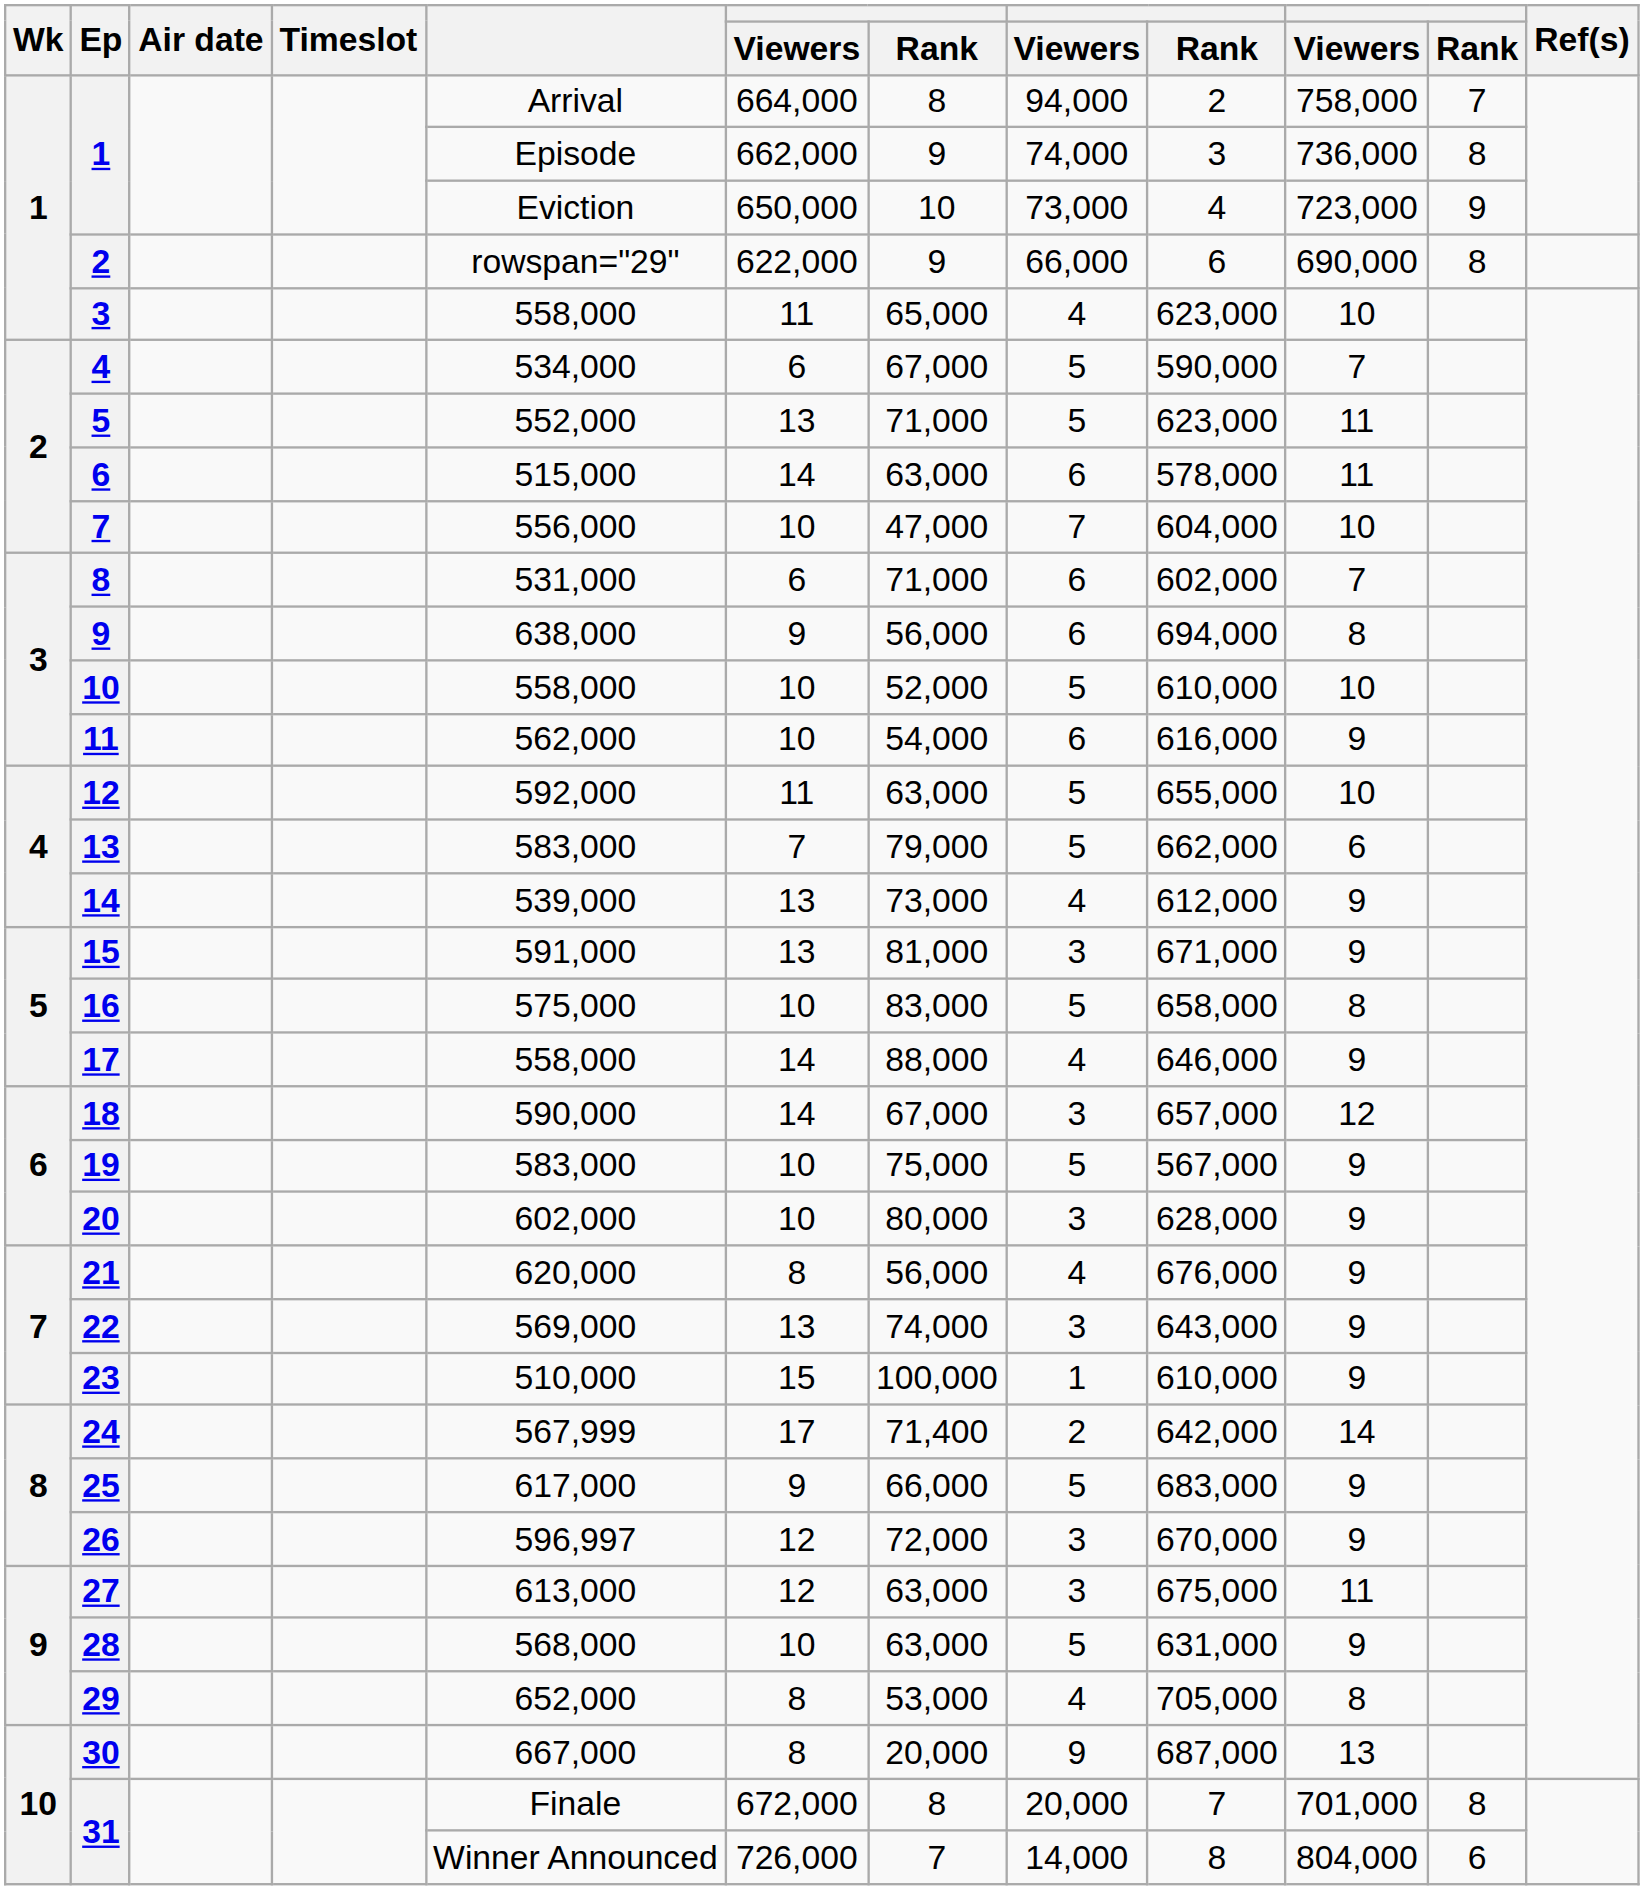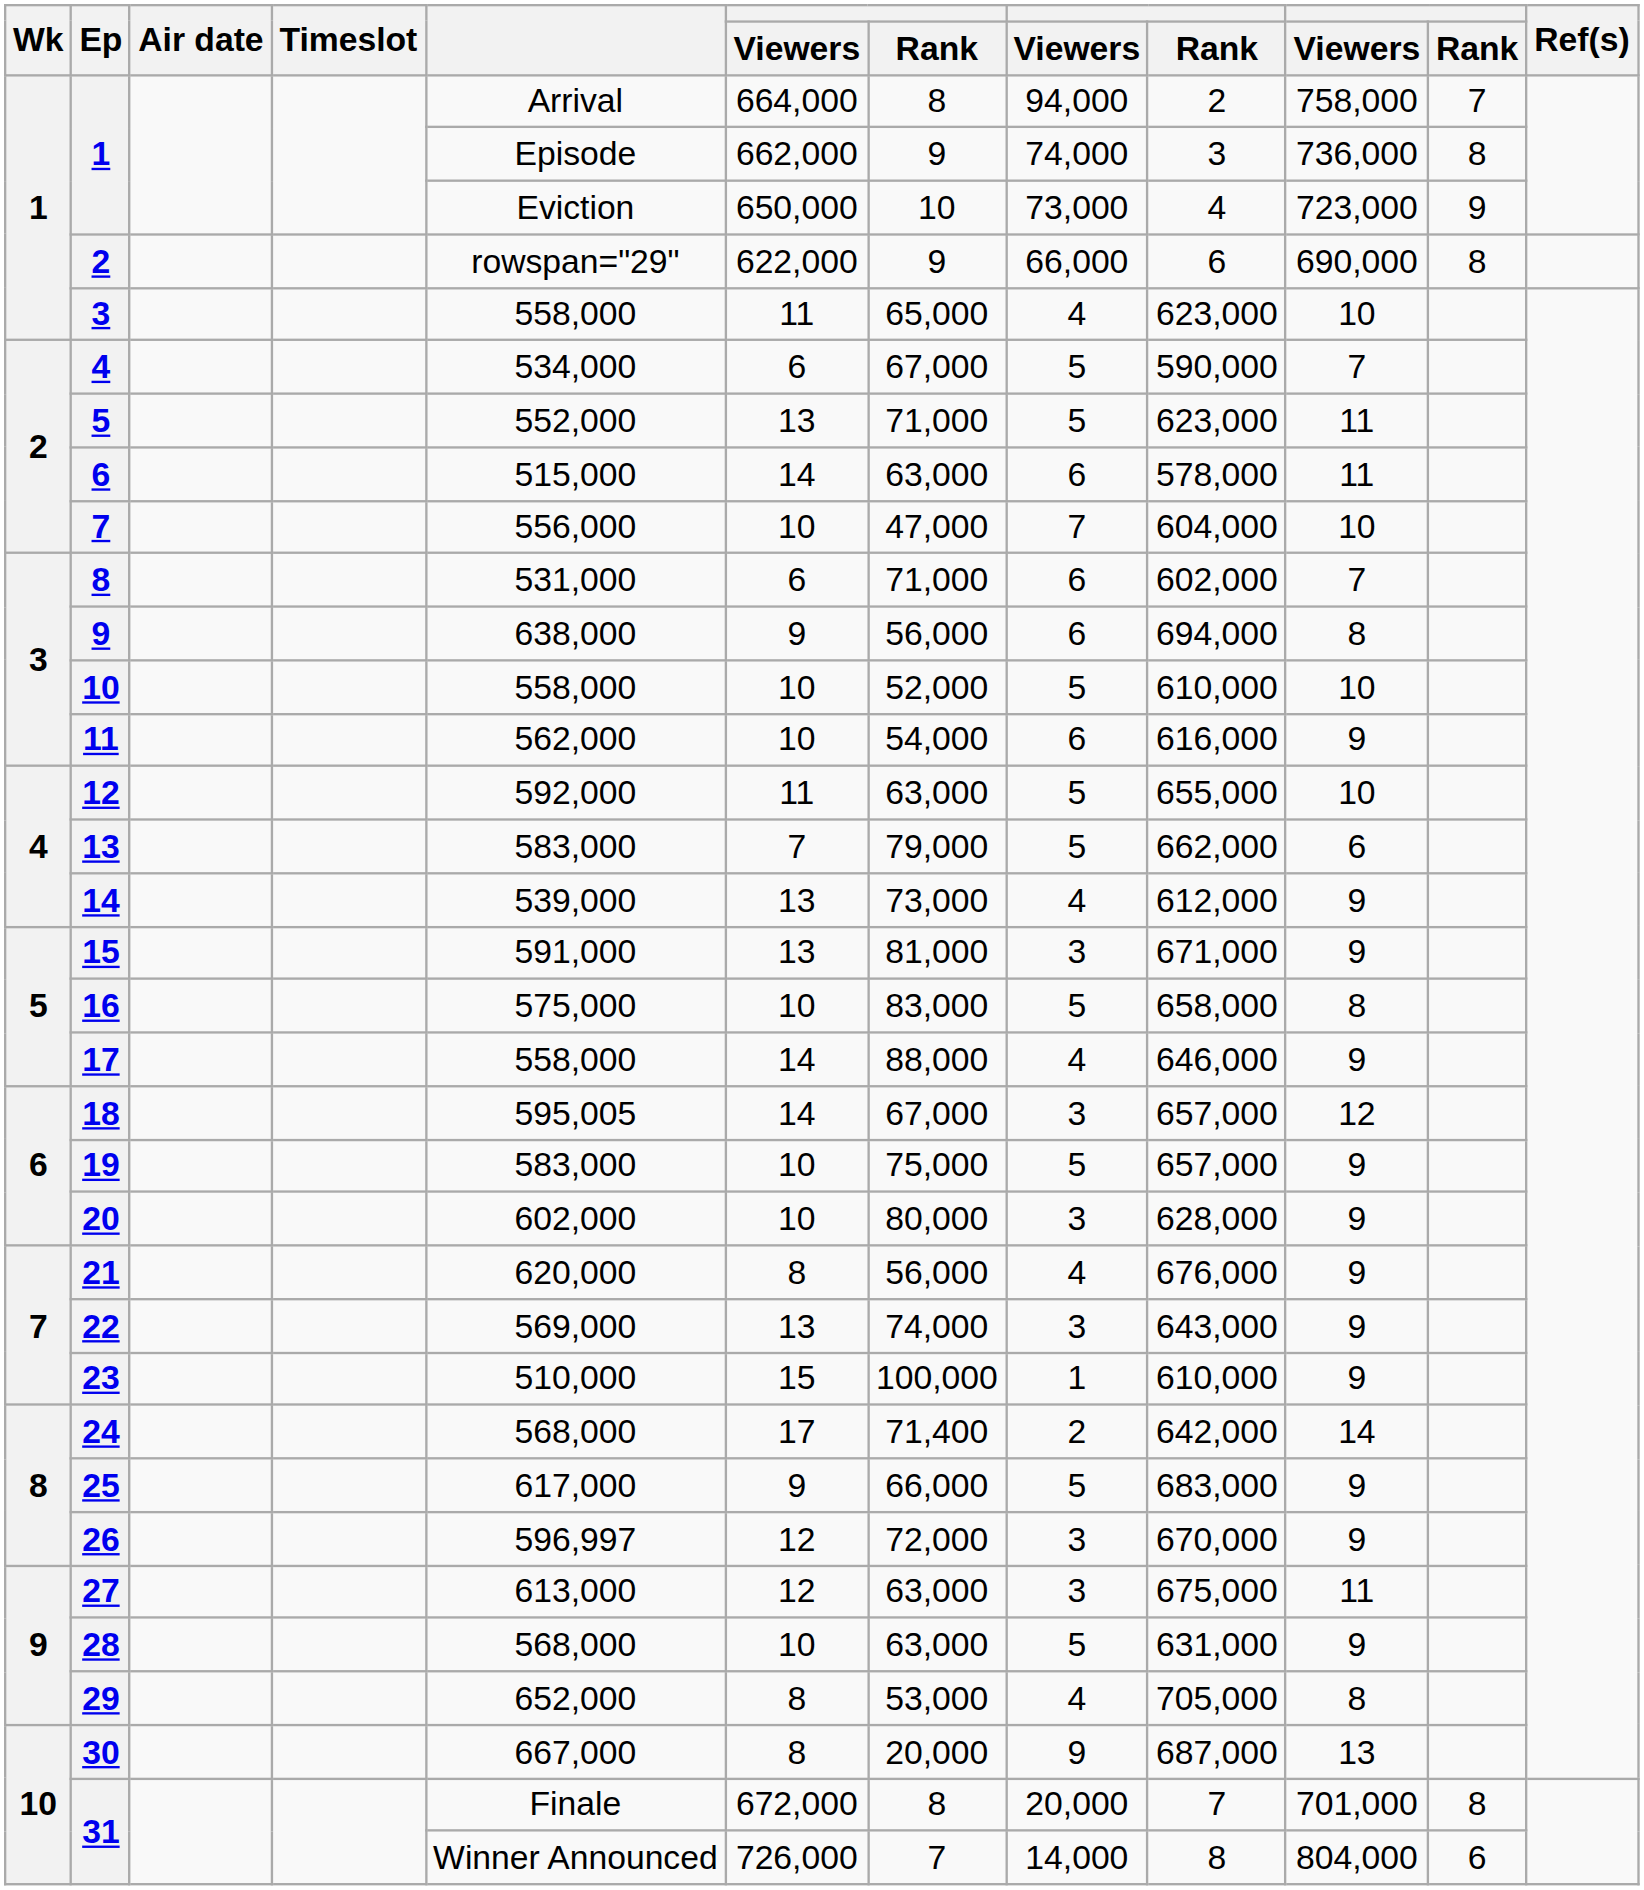 <table class="wikitable nowrap" style="text-align:center; font-size:90%; line-height:16px;">
 <tr>
 <th rowspan="2">Wk</th>
 <th rowspan="2">Ep</th>
 <th rowspan="2" class="unsortable">Air date</th>
 <th rowspan="2" class="unsortable">Timeslot</th>
 <th rowspan="2" class="unsortable"></th>
 <th colspan="2"></th>
 <th colspan="2"></th>
 <th colspan="2"></th>
 <th rowspan="2">Ref(s)</th>
 </tr>
 <tr>
 <th>Viewers</th>
 <th>Rank</th>
 <th>Viewers</th>
 <th>Rank</th>
 <th>Viewers</th>
 <th>Rank</th>
 </tr>
 <tr>
 <th rowspan="5">1</th>
 <th rowspan=3><a href='#'>1</a></th>
 <td rowspan=3 style="text-align:left"></td>
 <td rowspan=3 style="text-align:left"></td>
 <td>Arrival</td>
 <td>664,000</td>
 <td>8</td>
 <td>94,000</td>
 <td>2</td>
 <td>758,000</td>
 <td>7</td>
 <td rowspan=3></td>
 </tr>
 <tr>
 <td>Episode</td>
 <td>662,000</td>
 <td>9</td>
 <td>74,000</td>
 <td>3</td>
 <td>736,000</td>
 <td>8</td>
 </tr>
 <tr>
 <td>Eviction</td>
 <td>650,000</td>
 <td>10</td>
 <td>73,000</td>
 <td>4</td>
 <td>723,000</td>
 <td>9</td>
 </tr>
 <tr>
 <th><a href='#'>2</a></th>
 <td style="text-align:left"></td>
 <td style="text-align:left"></td>
 <td>rowspan="29" </td>
 <td>622,000</td>
 <td>9</td>
 <td>66,000</td>
 <td>6</td>
 <td>690,000</td>
 <td>8</td>
 <td></td>
 </tr>
 <tr>
 <th><a href='#'>3</a></th>
 <td style="text-align:left"></td>
 <td style="text-align:left"></td>
 <td>558,000</td>
 <td>11</td>
 <td>65,000</td>
 <td>4</td>
 <td>623,000</td>
 <td>10</td>
 <td></td>
 </tr>
 <tr>
 <th rowspan="4">2</th>
 <th><a href='#'>4</a></th>
 <td style="text-align:left"></td>
 <td style="text-align:left"></td>
 <td>534,000</td>
 <td>6</td>
 <td>67,000</td>
 <td>5</td>
 <td>590,000</td>
 <td>7</td>
 <td></td>
 </tr>
 <tr>
 <th><a href='#'>5</a></th>
 <td style="text-align:left"></td>
 <td style="text-align:left"></td>
 <td>552,000</td>
 <td>13</td>
 <td>71,000</td>
 <td>5</td>
 <td>623,000</td>
 <td>11</td>
 <td></td>
 </tr>
 <tr>
 <th><a href='#'>6</a></th>
 <td style="text-align:left"></td>
 <td style="text-align:left"></td>
 <td>515,000</td>
 <td>14</td>
 <td>63,000</td>
 <td>6</td>
 <td>578,000</td>
 <td>11</td>
 <td></td>
 </tr>
 <tr>
 <th><a href='#'>7</a></th>
 <td style="text-align:left"></td>
 <td style="text-align:left"></td>
 <td>556,000</td>
 <td>10</td>
 <td>47,000</td>
 <td>7</td>
 <td>604,000</td>
 <td>10</td>
 <td></td>
 </tr>
 <tr>
 <th rowspan="4">3</th>
 <th><a href='#'>8</a></th>
 <td style="text-align:left"></td>
 <td style="text-align:left"></td>
 <td>531,000</td>
 <td>6</td>
 <td>71,000</td>
 <td>6</td>
 <td>602,000</td>
 <td>7</td>
 <td></td>
 </tr>
 <tr>
 <th><a href='#'>9</a></th>
 <td style="text-align:left"></td>
 <td style="text-align:left"></td>
 <td>638,000</td>
 <td>9</td>
 <td>56,000</td>
 <td>6</td>
 <td>694,000</td>
 <td>8</td>
 <td></td>
 </tr>
 <tr>
 <th><a href='#'>10</a></th>
 <td style="text-align:left"></td>
 <td style="text-align:left"></td>
 <td>558,000</td>
 <td>10</td>
 <td>52,000</td>
 <td>5</td>
 <td>610,000</td>
 <td>10</td>
 <td></td>
 </tr>
 <tr>
 <th><a href='#'>11</a></th>
 <td style="text-align:left"></td>
 <td style="text-align:left"></td>
 <td>562,000</td>
 <td>10</td>
 <td>54,000</td>
 <td>6</td>
 <td>616,000</td>
 <td>9</td>
 <td></td>
 </tr>
 <tr>
 <th rowspan="3">4</th>
 <th><a href='#'>12</a></th>
 <td style="text-align:left"></td>
 <td style="text-align:left"></td>
 <td>592,000</td>
 <td>11</td>
 <td>63,000</td>
 <td>5</td>
 <td>655,000</td>
 <td>10</td>
 <td></td>
 </tr>
 <tr>
 <th><a href='#'>13</a></th>
 <td style="text-align:left"></td>
 <td style="text-align:left"></td>
 <td>583,000</td>
 <td>7</td>
 <td>79,000</td>
 <td>5</td>
 <td>662,000</td>
 <td>6</td>
 <td></td>
 </tr>
 <tr>
 <th><a href='#'>14</a></th>
 <td style="text-align:left"></td>
 <td style="text-align:left"></td>
 <td>539,000</td>
 <td>13</td>
 <td>73,000</td>
 <td>4</td>
 <td>612,000</td>
 <td>9</td>
 <td></td>
 </tr>
 <tr>
 <th rowspan="3">5</th>
 <th><a href='#'>15</a></th>
 <td style="text-align:left"></td>
 <td style="text-align:left"></td>
 <td>591,000</td>
 <td>13</td>
 <td>81,000</td>
 <td>3</td>
 <td>671,000</td>
 <td>9</td>
 <td></td>
 </tr>
 <tr>
 <th><a href='#'>16</a></th>
 <td style="text-align:left"></td>
 <td style="text-align:left"></td>
 <td>575,000</td>
 <td>10</td>
 <td>83,000</td>
 <td>5</td>
 <td>658,000</td>
 <td>8</td>
 <td></td>
 </tr>
 <tr>
 <th><a href='#'>17</a></th>
 <td style="text-align:left"></td>
 <td style="text-align:left"></td>
 <td>558,000</td>
 <td>14</td>
 <td>88,000</td>
 <td>4</td>
 <td>646,000</td>
 <td>9</td>
 <td></td>
 </tr>
 <tr>
 <th rowspan="3">6</th>
 <th><a href='#'>18</a></th>
 <td style="text-align:left"></td>
 <td style="text-align:left"></td>
-<td>590,000</td>
+<td>595,005</td>
 <td>14</td>
 <td>67,000</td>
 <td>3</td>
 <td>657,000</td>
 <td>12</td>
 <td></td>
 </tr>
 <tr>
 <th><a href='#'>19</a></th>
 <td style="text-align:left"></td>
 <td style="text-align:left"></td>
 <td>583,000</td>
 <td>10</td>
 <td>75,000</td>
 <td>5</td>
-<td>567,000</td>
+<td>657,000</td>
 <td>9</td>
 <td></td>
 </tr>
 <tr>
 <th><a href='#'>20</a></th>
 <td style="text-align:left"></td>
 <td style="text-align:left"></td>
 <td>602,000</td>
 <td>10</td>
 <td>80,000</td>
 <td>3</td>
 <td>628,000</td>
 <td>9</td>
 <td></td>
 </tr>
 <tr>
 <th rowspan="3">7</th>
 <th><a href='#'>21</a></th>
 <td style="text-align:left"></td>
 <td style="text-align:left"></td>
 <td>620,000</td>
 <td>8</td>
 <td>56,000</td>
 <td>4</td>
 <td>676,000</td>
 <td>9</td>
 <td></td>
 </tr>
 <tr>
 <th><a href='#'>22</a></th>
 <td style="text-align:left"></td>
 <td style="text-align:left"></td>
 <td>569,000</td>
 <td>13</td>
 <td>74,000</td>
 <td>3</td>
 <td>643,000</td>
 <td>9</td>
 <td></td>
 </tr>
 <tr>
 <th><a href='#'>23</a></th>
 <td style="text-align:left"></td>
 <td style="text-align:left"></td>
 <td>510,000</td>
 <td>15</td>
 <td>100,000</td>
 <td>1</td>
 <td>610,000</td>
 <td>9</td>
 <td></td>
 </tr>
 <tr>
 <th rowspan="3">8</th>
 <th><a href='#'>24</a></th>
 <td style="text-align:left"></td>
 <td style="text-align:left"></td>
-<td>567,999</td>
+<td>568,000</td>
 <td>17</td>
 <td>71,400</td>
 <td>2</td>
 <td>642,000</td>
 <td>14</td>
 <td></td>
 </tr>
 <tr>
 <th><a href='#'>25</a></th>
 <td style="text-align:left"></td>
 <td style="text-align:left"></td>
 <td>617,000</td>
 <td>9</td>
 <td>66,000</td>
 <td>5</td>
 <td>683,000</td>
 <td>9</td>
 <td></td>
 </tr>
 <tr>
 <th><a href='#'>26</a></th>
 <td style="text-align:left"></td>
 <td style="text-align:left"></td>
 <td>596,997</td>
 <td>12</td>
 <td>72,000</td>
 <td>3</td>
 <td>670,000</td>
 <td>9</td>
 <td></td>
 </tr>
 <tr>
 <th rowspan="3">9</th>
 <th><a href='#'>27</a></th>
 <td style="text-align:left"></td>
 <td style="text-align:left"></td>
 <td>613,000</td>
 <td>12</td>
 <td>63,000</td>
 <td>3</td>
 <td>675,000</td>
 <td>11</td>
 <td></td>
 </tr>
 <tr>
 <th><a href='#'>28</a></th>
 <td style="text-align:left"></td>
 <td style="text-align:left"></td>
 <td>568,000</td>
 <td>10</td>
 <td>63,000</td>
 <td>5</td>
 <td>631,000</td>
 <td>9</td>
 <td></td>
 </tr>
 <tr>
 <th><a href='#'>29</a></th>
 <td style="text-align:left"></td>
 <td style="text-align:left"></td>
 <td>652,000</td>
 <td>8</td>
 <td>53,000</td>
 <td>4</td>
 <td>705,000</td>
 <td>8</td>
 <td></td>
 </tr>
 <tr>
 <th rowspan="3">10</th>
 <th><a href='#'>30</a></th>
 <td style="text-align:left"></td>
 <td style="text-align:left"></td>
 <td>667,000</td>
 <td>8</td>
 <td>20,000</td>
 <td>9</td>
 <td>687,000</td>
 <td>13</td>
 <td></td>
 </tr>
 <tr>
 <th rowspan=2><a href='#'>31</a></th>
 <td rowspan=2 style="text-align:left"></td>
 <td rowspan=2 style="text-align:left"></td>
 <td>Finale</td>
 <td>672,000</td>
 <td>8</td>
 <td>20,000</td>
 <td>7</td>
 <td>701,000</td>
 <td>8</td>
 <td rowspan=2></td>
 </tr>
 <tr>
 <td>Winner Announced</td>
 <td>726,000</td>
 <td>7</td>
 <td>14,000</td>
 <td>8</td>
 <td>804,000</td>
 <td>6</td>
 </tr>
 </table>
